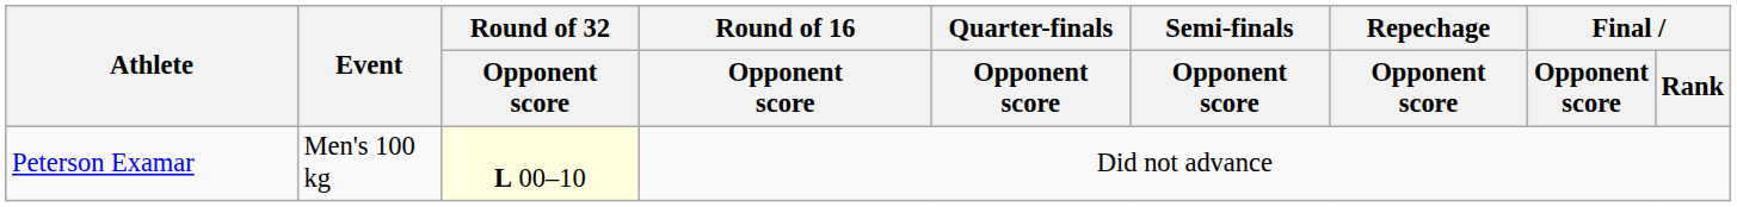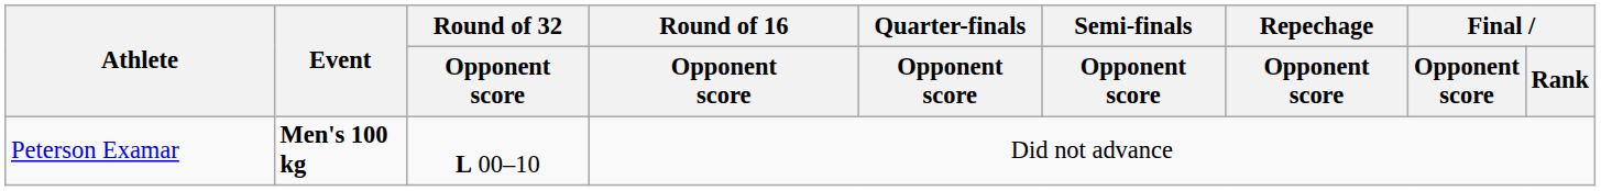 <table class="wikitable" style="font-size:90%; text-align:center">
 <tr>
 <th rowspan="2" width="150">Athlete</th>
 <th rowspan="2" width="70">Event</th>
 <th width="100">Round of 32</th>
 <th width="150">Round of 16</th>
 <th width="100">Quarter-finals</th>
 <th width="100">Semi-finals</th>
 <th width="100">Repechage</th>
 <th colspan="2" width="100">Final / </th>
 </tr>
 <tr>
 <th>Opponent<br>score</th>
 <th>Opponent<br>score</th>
 <th>Opponent<br>score</th>
 <th>Opponent<br>score</th>
 <th>Opponent<br>score</th>
 <th>Opponent<br>score</th>
 <th>Rank</th>
 </tr>
 <tr>
 <td align="left"><a href='#'>Peterson Examar</a></td>
-<td align="left">Men's 100 kg</td>
-<td style="background: lightyellow;"><br><strong>L</strong> 00–10</td>
+<td align="left"><strong>Men's 100 kg</strong></td>
+<td><br><strong>L</strong> 00–10</td>
 <td colspan=7>Did not advance</td>
 </tr>
 </table>
